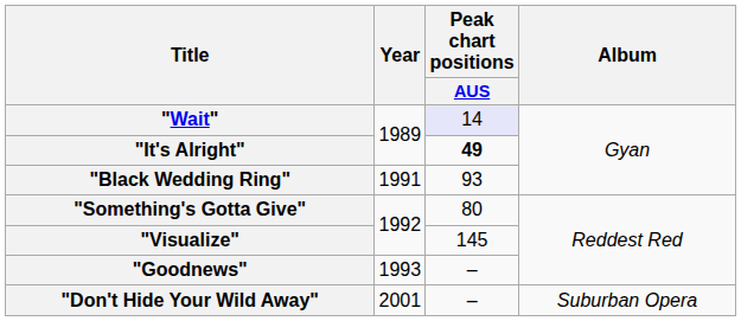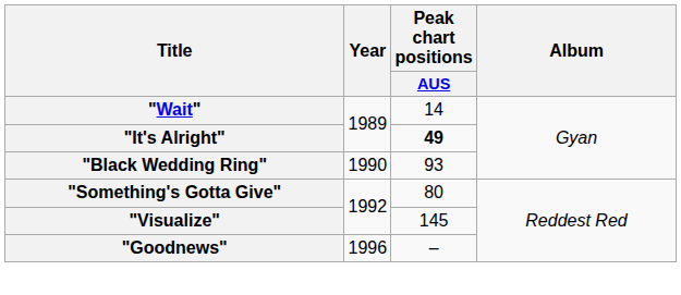 <table class="wikitable plainrowheaders" style="text-align:center;">
 <tr>
 <th scope="col" rowspan="2" style="width:19em;">Title</th>
 <th scope="col" rowspan="2" style="width:1em;">Year</th>
 <th scope="col" colspan="1">Peak chart positions</th>
 <th scope="col" rowspan="2" style="width:11em;">Album</th>
 </tr>
 <tr>
 <th scope="col" style="width:3em;font-size:90%;"><a href='#'>AUS</a><br></th>
 </tr>
 <tr>
 <th scope="row">"<a href='#'>Wait</a>"</th>
 <td rowspan="2">1989</td>
-<td style="background: lavender;">14</td>
+<td>14</td>
 <td rowspan="3"><em>Gyan</em></td>
 </tr>
 <tr>
 <th scope="row">"It's Alright"</th>
 <td><strong>49</strong></td>
 </tr>
 <tr>
 <th scope="row">"Black Wedding Ring"</th>
-<td>1991</td>
+<td>1990</td>
 <td>93</td>
 </tr>
 <tr>
 <th scope="row">"Something's Gotta Give"</th>
 <td rowspan="2">1992</td>
 <td>80</td>
 <td rowspan="3”"><em>Reddest Red</em></td>
 </tr>
 <tr>
 <th scope="row">"Visualize"</th>
 <td>145</td>
 </tr>
 <tr>
 <th scope="row">"Goodnews"</th>
-<td>1993</td>
+<td>1996</td>
 <td>–</td>
 </tr>
-<tr>
-<th scope="row">"Don't Hide Your Wild Away"</th>
-<td>2001</td>
-<td>–</td>
-<td><em>Suburban Opera</em></td>
-</tr>
 </table>
